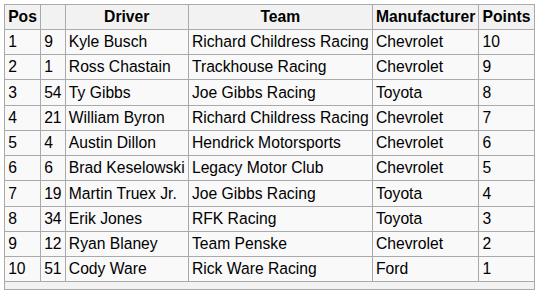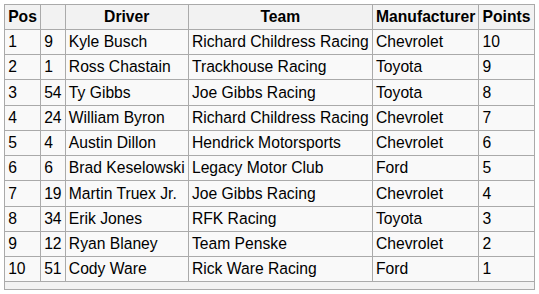 <table class="wikitable" style="font-size:98%">
 <tr>
 <th>Pos</th>
 <th></th>
 <th>Driver</th>
 <th>Team</th>
 <th>Manufacturer</th>
 <th>Points</th>
 </tr>
 <tr>
 <td>1</td>
 <td>9</td>
 <td>Kyle Busch</td>
 <td>Richard Childress Racing</td>
 <td>Chevrolet</td>
 <td>10</td>
 </tr>
 <tr>
 <td>2</td>
 <td>1</td>
 <td>Ross Chastain</td>
 <td>Trackhouse Racing</td>
-<td>Chevrolet</td>
+<td>Toyota</td>
 <td>9</td>
 </tr>
 <tr>
 <td>3</td>
 <td>54</td>
 <td>Ty Gibbs</td>
 <td>Joe Gibbs Racing</td>
 <td>Toyota</td>
 <td>8</td>
 </tr>
 <tr>
 <td>4</td>
-<td>21</td>
+<td>24</td>
 <td>William Byron</td>
 <td>Richard Childress Racing</td>
 <td>Chevrolet</td>
 <td>7</td>
 </tr>
 <tr>
 <td>5</td>
 <td>4</td>
 <td>Austin Dillon</td>
 <td>Hendrick Motorsports</td>
 <td>Chevrolet</td>
 <td>6</td>
 </tr>
 <tr>
 <td>6</td>
 <td>6</td>
 <td>Brad Keselowski</td>
 <td>Legacy Motor Club</td>
-<td>Chevrolet</td>
+<td>Ford</td>
 <td>5</td>
 </tr>
 <tr>
 <td>7</td>
 <td>19</td>
 <td>Martin Truex Jr.</td>
 <td>Joe Gibbs Racing</td>
-<td>Toyota</td>
+<td>Chevrolet</td>
 <td>4</td>
 </tr>
 <tr>
 <td>8</td>
 <td>34</td>
 <td>Erik Jones</td>
 <td>RFK Racing</td>
 <td>Toyota</td>
 <td>3</td>
 </tr>
 <tr>
 <td>9</td>
 <td>12</td>
 <td>Ryan Blaney</td>
 <td>Team Penske</td>
 <td>Chevrolet</td>
 <td>2</td>
 </tr>
 <tr>
 <td>10</td>
 <td>51</td>
 <td>Cody Ware</td>
 <td>Rick Ware Racing</td>
 <td>Ford</td>
 <td>1</td>
 </tr>
 <tr>
 <th colspan="6"></th>
 </tr>
 </table>
